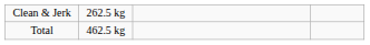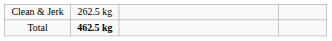 <table class = "wikitable" style="text-align:center;">
 <tr>
 <td width=100>Clean & Jerk</td>
 <td width=70>262.5 kg</td>
 <td width=250 align=left></td>
 <td width=70></td>
 </tr>
 <tr>
 <td>Total</td>
-<td>462.5 kg</td>
+<td><strong>462.5 kg</strong></td>
 <td align=left></td>
 <td></td>
 </tr>
 </table>
